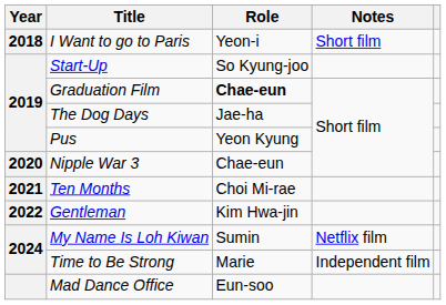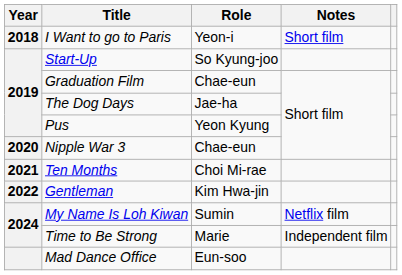 <table class="wikitable plainrowheaders sortable">
 <tr>
 <th scope="col">Year</th>
 <th scope="col">Title</th>
 <th scope="col">Role</th>
 <th scope="col">Notes</th>
 <th scope="col" class="unsortable"></th>
 </tr>
 <tr>
 <th scope="row">2018</th>
 <td><em>I Want to go to Paris</em></td>
 <td>Yeon-i</td>
 <td><a href='#'>Short film</a></td>
 <td style="text-align:center"></td>
 </tr>
 <tr>
 <th scope="row" rowspan="4">2019</th>
 <td><em><a href='#'>Start-Up</a></em></td>
 <td>So Kyung-joo</td>
 <td></td>
 <td style="text-align:center"></td>
 </tr>
 <tr>
 <td><em>Graduation Film</em></td>
-<td><strong>Chae-eun</strong></td>
+<td>Chae-eun</td>
 <td rowspan="4">Short film</td>
 <td style="text-align:center"></td>
 </tr>
 <tr>
 <td><em>The Dog Days</em></td>
 <td>Jae-ha</td>
 <td style="text-align:center"></td>
 </tr>
 <tr>
 <td><em>Pus</em></td>
 <td>Yeon Kyung</td>
 <td style="text-align:center"></td>
 </tr>
 <tr>
 <th scope="row">2020</th>
 <td><em>Nipple War 3</em></td>
 <td>Chae-eun</td>
 <td style="text-align:center"></td>
 </tr>
 <tr>
 <th scope="row">2021</th>
 <td><em><a href='#'>Ten Months</a></em></td>
 <td>Choi Mi-rae</td>
 <td></td>
 <td style="text-align:center"></td>
 </tr>
 <tr>
 <th scope="row">2022</th>
 <td><em><a href='#'>Gentleman</a></em></td>
 <td>Kim Hwa-jin</td>
 <td></td>
 <td style="text-align:center"></td>
 </tr>
 <tr>
 <th rowspan="2" scope="row">2024</th>
 <td><em><a href='#'>My Name Is Loh Kiwan</a></em></td>
 <td>Sumin</td>
 <td><a href='#'>Netflix</a> film</td>
 <td style="text-align:center"></td>
 </tr>
 <tr>
 <td><em>Time to Be Strong</em></td>
 <td>Marie</td>
 <td>Independent film</td>
 <td></td>
 </tr>
 <tr>
 <th></th>
 <td><em>Mad Dance Office</em></td>
 <td>Eun-soo</td>
 <td></td>
 <td></td>
 </tr>
 </table>
